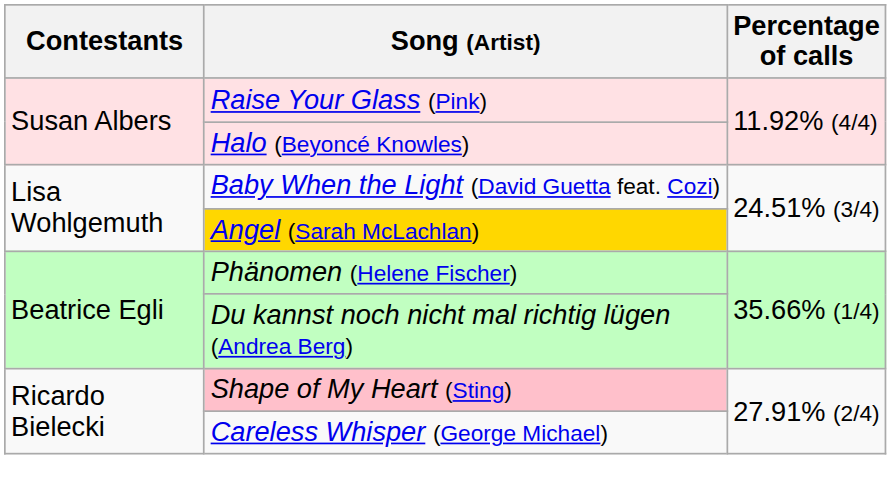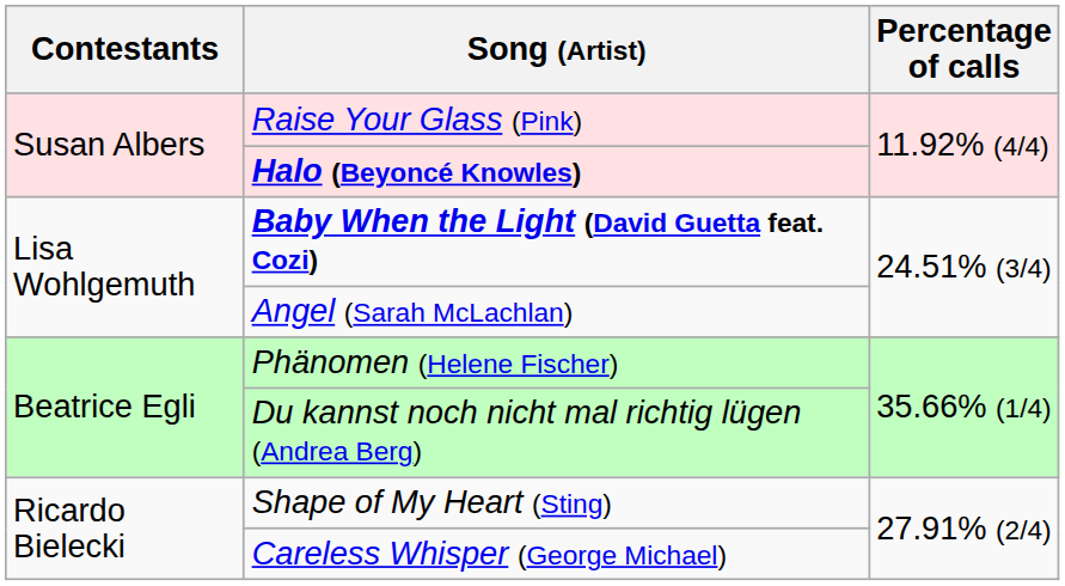 <table class="wikitable">
 <tr>
 <th style="width:110px;">Contestants</th>
 <th style="width:300px;">Song <small>(Artist)</small></th>
 <th style="width:80px;">Percentage of calls</th>
 </tr>
 <tr bgcolor="#FFE1E4">
 <td align="left" rowspan=2>Susan Albers</td>
 <td align="left"><em><a href='#'>Raise Your Glass</a></em> <small>(<a href='#'>Pink</a>)</small></td>
 <td rowspan=2>11.92% <small>(4/4)</small></td>
 </tr>
 <tr bgcolor="#FFE1E4">
-<td align="left"><em><a href='#'>Halo</a></em> <small>(<a href='#'>Beyoncé Knowles</a>)</small></td>
+<td align="left"><strong><em><a href='#'>Halo</a></em> <small>(<a href='#'>Beyoncé Knowles</a>)</small></strong></td>
 </tr>
 <tr>
 <td align="left" rowspan=2>Lisa Wohlgemuth</td>
-<td align="left"><em><a href='#'>Baby When the Light</a></em> <small>(<a href='#'>David Guetta</a> feat. <a href='#'>Cozi</a>)</small></td>
+<td align="left"><strong><em><a href='#'>Baby When the Light</a></em> <small>(<a href='#'>David Guetta</a> feat. <a href='#'>Cozi</a>)</small></strong></td>
 <td rowspan=2>24.51% <small>(3/4)</small></td>
 </tr>
 <tr>
-<td align="left" style="background: gold;"><em><a href='#'>Angel</a></em> <small>(<a href='#'>Sarah McLachlan</a>)</small></td>
+<td align="left"><em><a href='#'>Angel</a></em> <small>(<a href='#'>Sarah McLachlan</a>)</small></td>
 </tr>
 <tr style="background:#c1ffc1;">
 <td align="left" rowspan=2>Beatrice Egli</td>
 <td align="left"><em>Phänomen</em> <small>(<a href='#'>Helene Fischer</a>)</small></td>
 <td rowspan=2>35.66% <small>(1/4)</small></td>
 </tr>
 <tr style="background:#c1ffc1;">
 <td align="left"><em>Du kannst noch nicht mal richtig lügen</em> <small>(<a href='#'>Andrea Berg</a>)</small></td>
 </tr>
 <tr>
 <td align="left" rowspan=2>Ricardo Bielecki</td>
-<td align="left" style="background: pink;"><em>Shape of My Heart</em> <small>(<a href='#'>Sting</a>)</small></td>
+<td align="left"><em>Shape of My Heart</em> <small>(<a href='#'>Sting</a>)</small></td>
 <td rowspan=2>27.91% <small>(2/4)</small></td>
 </tr>
 <tr>
 <td align="left"><em><a href='#'>Careless Whisper</a></em> <small>(<a href='#'>George Michael</a>)</small></td>
 </tr>
 </table>
